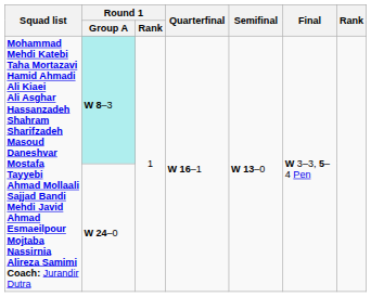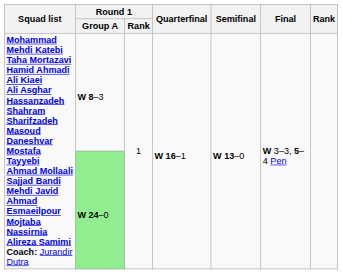 <table class="wikitable" width="85%" style="text-align:left; font-size:90%">
 <tr>
 <th rowspan="2" width="20%">Squad list</th>
 <th colspan="2">Round 1</th>
 <th rowspan="2" width="14%">Quarterfinal</th>
 <th rowspan="2" width="14%">Semifinal</th>
 <th rowspan="2" width="14%">Final</th>
 <th rowspan="2" width="5%">Rank</th>
 </tr>
 <tr>
 <th width="14%">Group A</th>
 <th width="5%">Rank</th>
 </tr>
 <tr>
 <td rowspan="2"><strong><a href='#'>Mohammad Mehdi Katebi</a><br><a href='#'>Taha Mortazavi</a><br><a href='#'>Hamid Ahmadi</a><br><a href='#'>Ali Kiaei</a><br><a href='#'>Ali Asghar Hassanzadeh</a><br><a href='#'>Shahram Sharifzadeh</a><br><a href='#'>Masoud Daneshvar</a><br><a href='#'>Mostafa Tayyebi</a><br><a href='#'>Ahmad Mollaali</a><br><a href='#'>Sajjad Bandi</a><br><a href='#'>Mehdi Javid</a><br><a href='#'>Ahmad Esmaeilpour</a><br><a href='#'>Mojtaba Nassirnia</a><br><a href='#'>Alireza Samimi</a><br> Coach:</strong>  <a href='#'>Jurandir Dutra</a></td>
-<td style="background: paleturquoise;"><br><strong>W</strong> <strong>8</strong>–3</td>
+<td><br><strong>W</strong> <strong>8</strong>–3</td>
 <td rowspan="2" align=center>1 <strong></strong></td>
 <td rowspan="2"><br><strong>W</strong> <strong>16</strong>–1</td>
 <td rowspan="2"><br><strong>W</strong> <strong>13</strong>–0</td>
 <td rowspan="2"><br><strong>W</strong> 3–3, <strong>5</strong>–4 <a href='#'>Pen</a></td>
 <td rowspan="2" align="center"></td>
 </tr>
 <tr>
-<td><br><strong>W</strong> <strong>24</strong>–0</td>
+<td style="background: lightgreen;"><br><strong>W</strong> <strong>24</strong>–0</td>
 </tr>
 </table>
